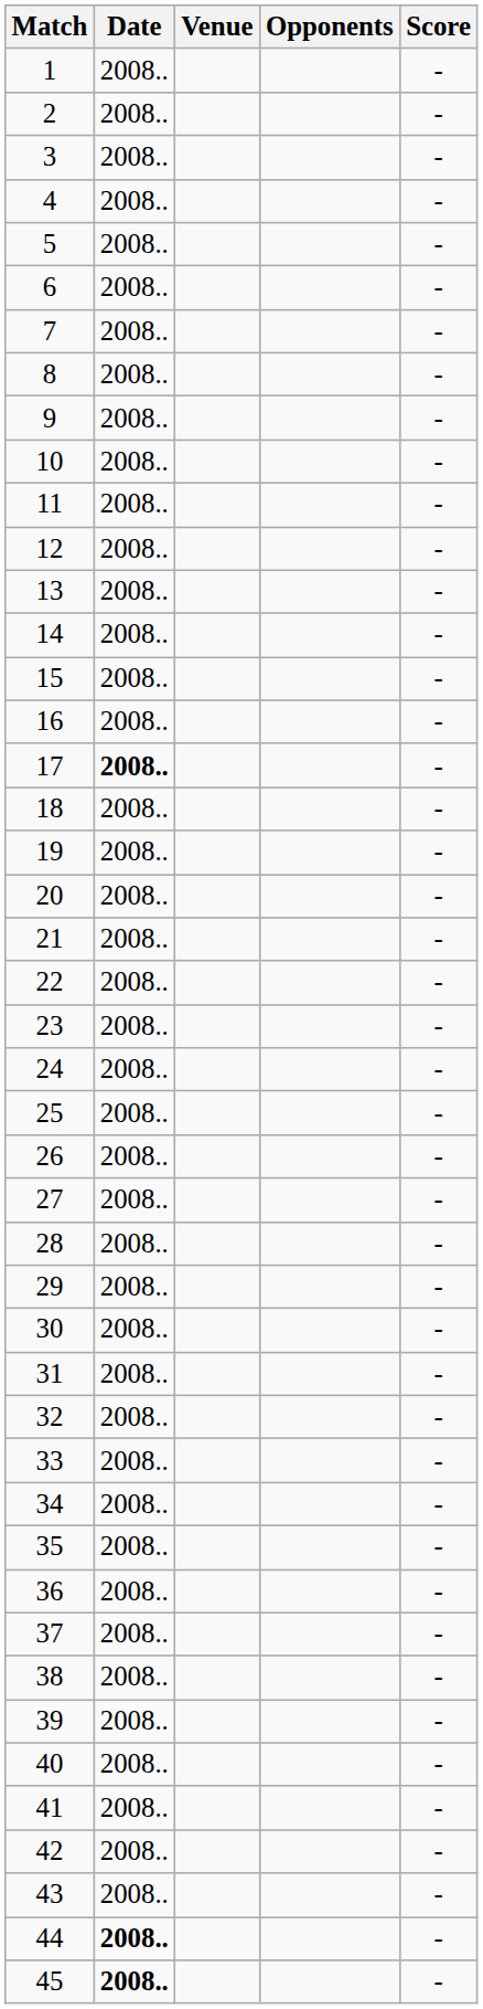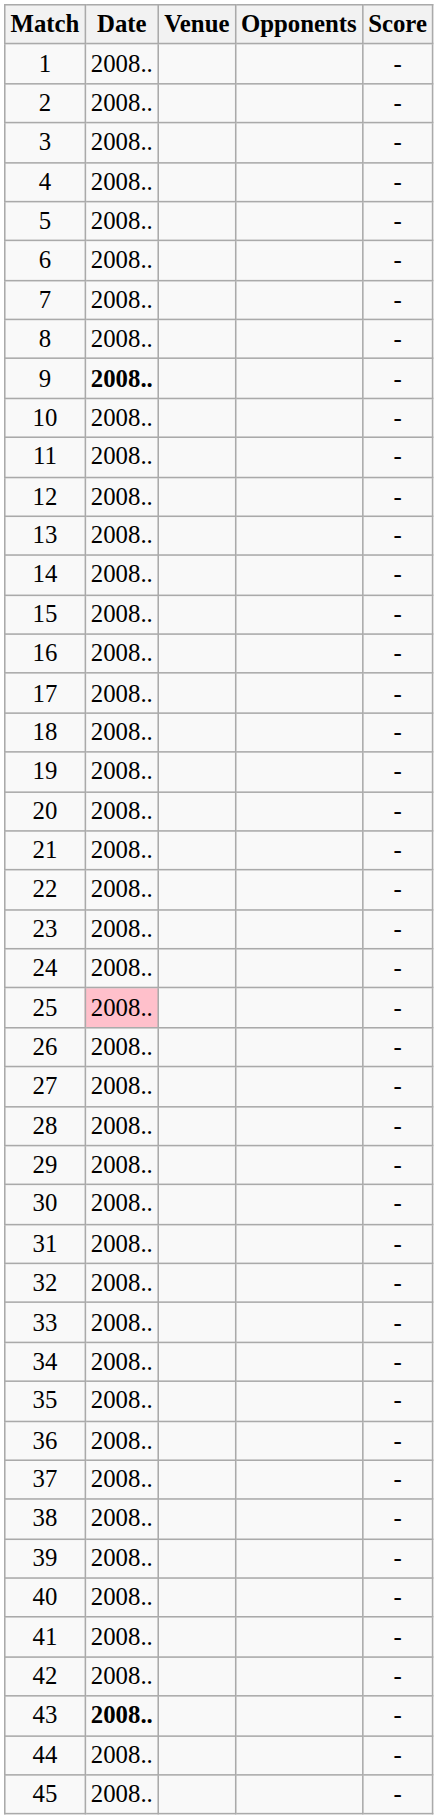 <table class="wikitable" style="text-align:center;">
 <tr>
 <th>Match</th>
 <th>Date</th>
 <th>Venue</th>
 <th>Opponents</th>
 <th>Score</th>
 </tr>
 <tr>
 <td>1</td>
 <td>2008..</td>
 <td><a href='#'></a></td>
 <td><a href='#'></a></td>
 <td>-</td>
 </tr>
 <tr>
 <td>2</td>
 <td>2008..</td>
 <td><a href='#'></a></td>
 <td><a href='#'></a></td>
 <td>-</td>
 </tr>
 <tr>
 <td>3</td>
 <td>2008..</td>
 <td><a href='#'></a></td>
 <td><a href='#'></a></td>
 <td>-</td>
 </tr>
 <tr>
 <td>4</td>
 <td>2008..</td>
 <td><a href='#'></a></td>
 <td><a href='#'></a></td>
 <td>-</td>
 </tr>
 <tr>
 <td>5</td>
 <td>2008..</td>
 <td><a href='#'></a></td>
 <td><a href='#'></a></td>
 <td>-</td>
 </tr>
 <tr>
 <td>6</td>
 <td>2008..</td>
 <td><a href='#'></a></td>
 <td><a href='#'></a></td>
 <td>-</td>
 </tr>
 <tr>
 <td>7</td>
 <td>2008..</td>
 <td><a href='#'></a></td>
 <td><a href='#'></a></td>
 <td>-</td>
 </tr>
 <tr>
 <td>8</td>
 <td>2008..</td>
 <td><a href='#'></a></td>
 <td><a href='#'></a></td>
 <td>-</td>
 </tr>
 <tr>
 <td>9</td>
-<td>2008..</td>
+<td><strong>2008..</strong></td>
 <td><a href='#'></a></td>
 <td><a href='#'></a></td>
 <td>-</td>
 </tr>
 <tr>
 <td>10</td>
 <td>2008..</td>
 <td><a href='#'></a></td>
 <td><a href='#'></a></td>
 <td>-</td>
 </tr>
 <tr>
 <td>11</td>
 <td>2008..</td>
 <td><a href='#'></a></td>
 <td><a href='#'></a></td>
 <td>-</td>
 </tr>
 <tr>
 <td>12</td>
 <td>2008..</td>
 <td><a href='#'></a></td>
 <td><a href='#'></a></td>
 <td>-</td>
 </tr>
 <tr>
 <td>13</td>
 <td>2008..</td>
 <td><a href='#'></a></td>
 <td><a href='#'></a></td>
 <td>-</td>
 </tr>
 <tr>
 <td>14</td>
 <td>2008..</td>
 <td><a href='#'></a></td>
 <td><a href='#'></a></td>
 <td>-</td>
 </tr>
 <tr>
 <td>15</td>
 <td>2008..</td>
 <td><a href='#'></a></td>
 <td><a href='#'></a></td>
 <td>-</td>
 </tr>
 <tr>
 <td>16</td>
 <td>2008..</td>
 <td><a href='#'></a></td>
 <td><a href='#'></a></td>
 <td>-</td>
 </tr>
 <tr>
 <td>17</td>
-<td><strong>2008..</strong></td>
+<td>2008..</td>
 <td><a href='#'></a></td>
 <td><a href='#'></a></td>
 <td>-</td>
 </tr>
 <tr>
 <td>18</td>
 <td>2008..</td>
 <td><a href='#'></a></td>
 <td><a href='#'></a></td>
 <td>-</td>
 </tr>
 <tr>
 <td>19</td>
 <td>2008..</td>
 <td><a href='#'></a></td>
 <td><a href='#'></a></td>
 <td>-</td>
 </tr>
 <tr>
 <td>20</td>
 <td>2008..</td>
 <td><a href='#'></a></td>
 <td><a href='#'></a></td>
 <td>-</td>
 </tr>
 <tr>
 <td>21</td>
 <td>2008..</td>
 <td><a href='#'></a></td>
 <td><a href='#'></a></td>
 <td>-</td>
 </tr>
 <tr>
 <td>22</td>
 <td>2008..</td>
 <td><a href='#'></a></td>
 <td><a href='#'></a></td>
 <td>-</td>
 </tr>
 <tr>
 <td>23</td>
 <td>2008..</td>
 <td><a href='#'></a></td>
 <td><a href='#'></a></td>
 <td>-</td>
 </tr>
 <tr>
 <td>24</td>
 <td>2008..</td>
 <td><a href='#'></a></td>
 <td><a href='#'></a></td>
 <td>-</td>
 </tr>
 <tr>
 <td>25</td>
-<td>2008..</td>
+<td style="background: pink;">2008..</td>
 <td><a href='#'></a></td>
 <td><a href='#'></a></td>
 <td>-</td>
 </tr>
 <tr>
 <td>26</td>
 <td>2008..</td>
 <td><a href='#'></a></td>
 <td><a href='#'></a></td>
 <td>-</td>
 </tr>
 <tr>
 <td>27</td>
 <td>2008..</td>
 <td><a href='#'></a></td>
 <td><a href='#'></a></td>
 <td>-</td>
 </tr>
 <tr>
 <td>28</td>
 <td>2008..</td>
 <td><a href='#'></a></td>
 <td><a href='#'></a></td>
 <td>-</td>
 </tr>
 <tr>
 <td>29</td>
 <td>2008..</td>
 <td><a href='#'></a></td>
 <td><a href='#'></a></td>
 <td>-</td>
 </tr>
 <tr>
 <td>30</td>
 <td>2008..</td>
 <td><a href='#'></a></td>
 <td><a href='#'></a></td>
 <td>-</td>
 </tr>
 <tr>
 <td>31</td>
 <td>2008..</td>
 <td><a href='#'></a></td>
 <td><a href='#'></a></td>
 <td>-</td>
 </tr>
 <tr>
 <td>32</td>
 <td>2008..</td>
 <td><a href='#'></a></td>
 <td><a href='#'></a></td>
 <td>-</td>
 </tr>
 <tr>
 <td>33</td>
 <td>2008..</td>
 <td><a href='#'></a></td>
 <td><a href='#'></a></td>
 <td>-</td>
 </tr>
 <tr>
 <td>34</td>
 <td>2008..</td>
 <td><a href='#'></a></td>
 <td><a href='#'></a></td>
 <td>-</td>
 </tr>
 <tr>
 <td>35</td>
 <td>2008..</td>
 <td><a href='#'></a></td>
 <td><a href='#'></a></td>
 <td>-</td>
 </tr>
 <tr>
 <td>36</td>
 <td>2008..</td>
 <td><a href='#'></a></td>
 <td><a href='#'></a></td>
 <td>-</td>
 </tr>
 <tr>
 <td>37</td>
 <td>2008..</td>
 <td><a href='#'></a></td>
 <td><a href='#'></a></td>
 <td>-</td>
 </tr>
 <tr>
 <td>38</td>
 <td>2008..</td>
 <td><a href='#'></a></td>
 <td><a href='#'></a></td>
 <td>-</td>
 </tr>
 <tr>
 <td>39</td>
 <td>2008..</td>
 <td><a href='#'></a></td>
 <td><a href='#'></a></td>
 <td>-</td>
 </tr>
 <tr>
 <td>40</td>
 <td>2008..</td>
 <td><a href='#'></a></td>
 <td><a href='#'></a></td>
 <td>-</td>
 </tr>
 <tr>
 <td>41</td>
 <td>2008..</td>
 <td><a href='#'></a></td>
 <td><a href='#'></a></td>
 <td>-</td>
 </tr>
 <tr>
 <td>42</td>
 <td>2008..</td>
 <td><a href='#'></a></td>
 <td><a href='#'></a></td>
 <td>-</td>
 </tr>
 <tr>
 <td>43</td>
+<td><strong>2008..</strong></td>
+<td><a href='#'></a></td>
+<td><a href='#'></a></td>
+<td>-</td>
+</tr>
+<tr>
+<td>44</td>
 <td>2008..</td>
 <td><a href='#'></a></td>
 <td><a href='#'></a></td>
 <td>-</td>
 </tr>
 <tr>
-<td>44</td>
-<td><strong>2008..</strong></td>
-<td><a href='#'></a></td>
-<td><a href='#'></a></td>
-<td>-</td>
-</tr>
-<tr>
 <td>45</td>
-<td><strong>2008..</strong></td>
+<td>2008..</td>
 <td><a href='#'></a></td>
 <td><a href='#'></a></td>
 <td>-</td>
 </tr>
 </table>
